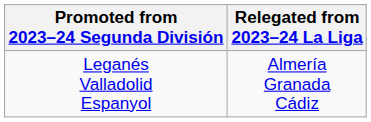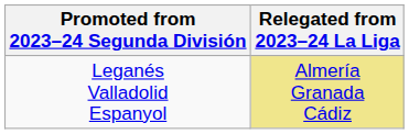 <table class="wikitable">
 <tr>
 <th>Promoted from<br><a href='#'>2023–24 Segunda División</a></th>
 <th>Relegated from<br><a href='#'>2023–24 La Liga</a></th>
 </tr>
 <tr>
 <td style="text-align:center"><a href='#'>Leganés</a><br><a href='#'>Valladolid</a><br><a href='#'>Espanyol</a></td>
-<td style="text-align:center"><a href='#'>Almería</a><br><a href='#'>Granada</a><br><a href='#'>Cádiz</a></td>
+<td style="background: khaki; text-align:center"><a href='#'>Almería</a><br><a href='#'>Granada</a><br><a href='#'>Cádiz</a></td>
 </tr>
 </table>
